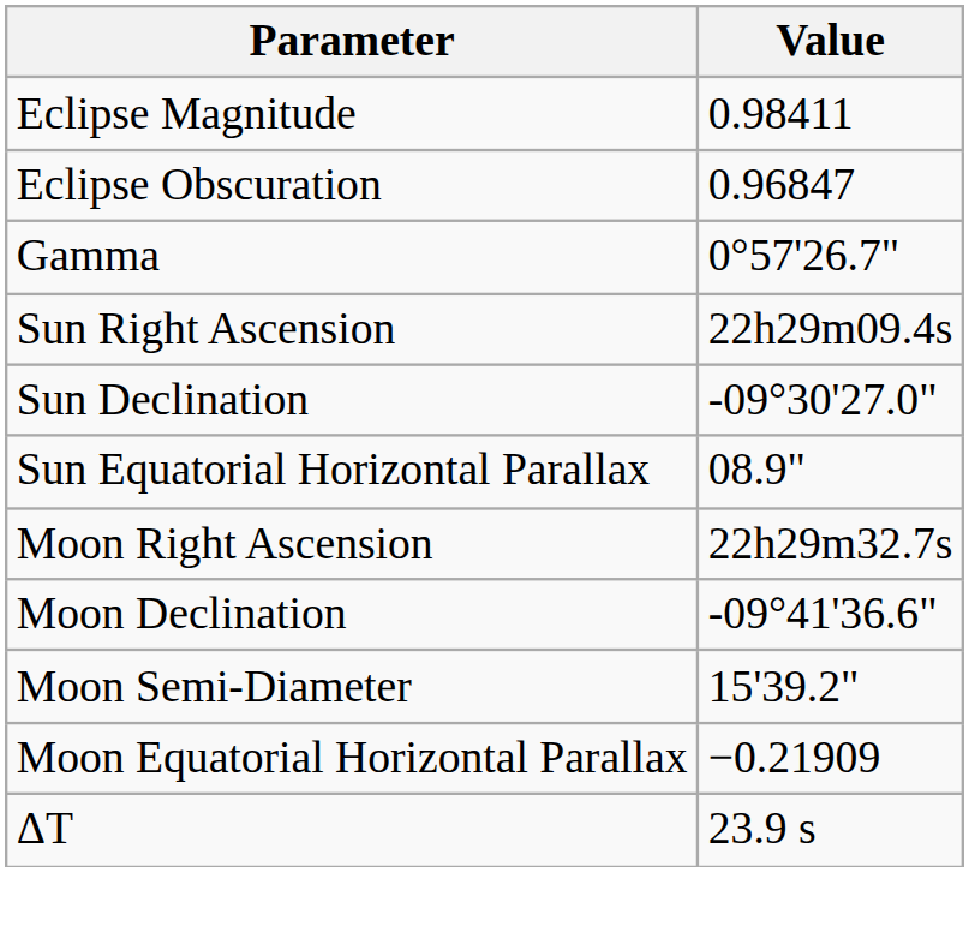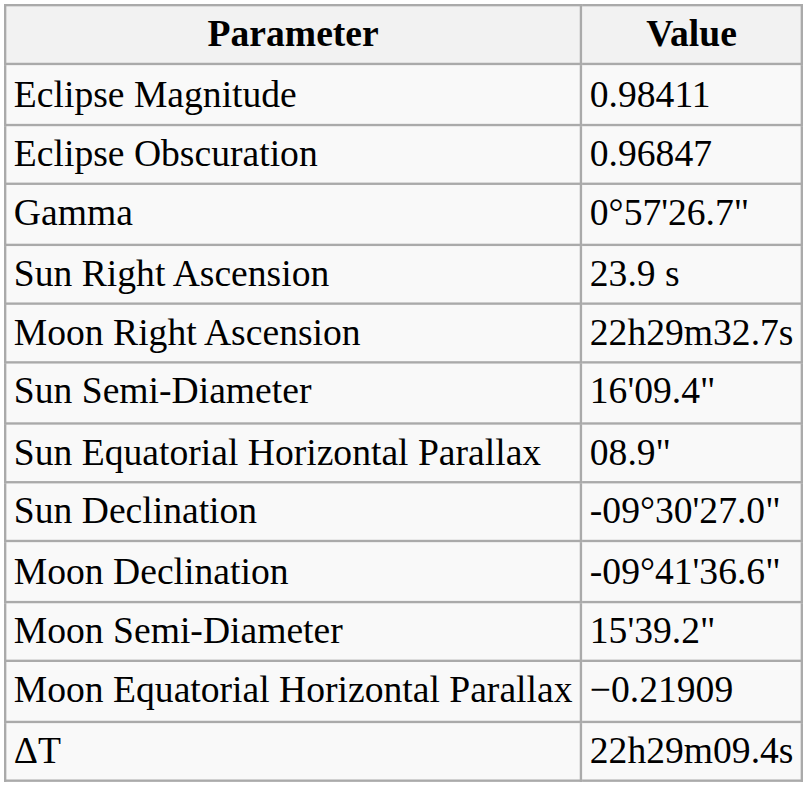 <table class="wikitable">
 <tr>
 <th>Parameter</th>
 <th>Value</th>
 </tr>
 <tr>
 <td>Eclipse Magnitude</td>
 <td>0.98411</td>
 </tr>
 <tr>
 <td>Eclipse Obscuration</td>
 <td>0.96847</td>
 </tr>
 <tr>
 <td>Gamma</td>
 <td>0°57'26.7"</td>
 </tr>
 <tr>
 <td>Sun Right Ascension</td>
-<td>22h29m09.4s</td>
+<td>23.9 s</td>
 </tr>
 <tr>
-<td>Sun Declination</td>
-<td>-09°30'27.0"</td>
+<td>Moon Right Ascension</td>
+<td>22h29m32.7s</td>
+</tr>
+<tr>
+<td>Sun Semi-Diameter</td>
+<td>16'09.4"</td>
 </tr>
 <tr>
 <td>Sun Equatorial Horizontal Parallax</td>
 <td>08.9"</td>
 </tr>
 <tr>
-<td>Moon Right Ascension</td>
-<td>22h29m32.7s</td>
+<td>Sun Declination</td>
+<td>-09°30'27.0"</td>
 </tr>
 <tr>
 <td>Moon Declination</td>
 <td>-09°41'36.6"</td>
 </tr>
 <tr>
 <td>Moon Semi-Diameter</td>
 <td>15'39.2"</td>
 </tr>
 <tr>
 <td>Moon Equatorial Horizontal Parallax</td>
 <td>−0.21909</td>
 </tr>
 <tr>
 <td>ΔT</td>
-<td>23.9 s</td>
+<td>22h29m09.4s</td>
 </tr>
 </table>
